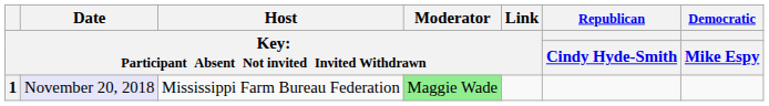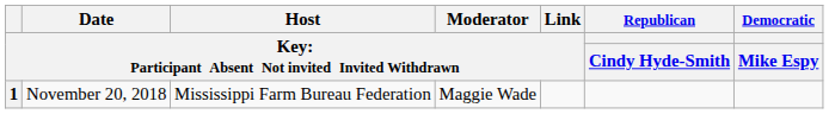 <table class="wikitable" style="text-align:center;">
 <tr>
 <th scope="col"></th>
 <th scope="col">Date</th>
 <th scope="col">Host</th>
 <th scope="col">Moderator</th>
 <th scope="col">Link</th>
 <th scope="col"><small><a href='#'>Republican</a></small></th>
 <th scope="col"><small><a href='#'>Democratic</a></small></th>
 </tr>
 <tr>
 <th colspan="5" rowspan="2">Key:<br> <small>Participant </small>  <small>Absent </small>  <small>Not invited </small>  <small>Invited  Withdrawn</small></th>
 <th scope="col" style="background:"></th>
 <th scope="col" style="background:"></th>
 </tr>
 <tr>
 <th scope="col"><a href='#'>Cindy Hyde-Smith</a></th>
 <th scope="col"><a href='#'>Mike Espy</a></th>
 </tr>
 <tr>
 <th>1</th>
-<td style="background: lavender; white-space:nowrap;">November 20, 2018</td>
+<td style="white-space:nowrap;">November 20, 2018</td>
 <td style="white-space:nowrap;">Mississippi Farm Bureau Federation</td>
-<td style="background: lightgreen; white-space:nowrap;">Maggie Wade</td>
+<td style="white-space:nowrap;">Maggie Wade</td>
 <td style="white-space:nowrap;"></td>
 <td></td>
 <td></td>
 </tr>
 </table>
